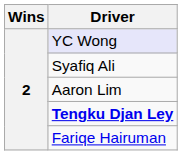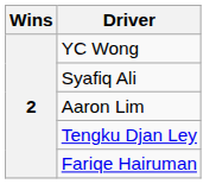 <table class="wikitable" style="font-size: 95%;">
 <tr>
 <th>Wins</th>
 <th>Driver</th>
 </tr>
 <tr>
 <th rowspan="5">2</th>
-<td style="background: lavender;"> YC Wong</td>
+<td> YC Wong</td>
 </tr>
 <tr>
 <td> Syafiq Ali</td>
 </tr>
 <tr>
 <td> Aaron Lim</td>
 </tr>
 <tr>
-<td><strong> <a href='#'>Tengku Djan Ley</a></strong></td>
+<td> <a href='#'>Tengku Djan Ley</a></td>
 </tr>
 <tr>
 <td> <a href='#'>Fariqe Hairuman</a></td>
 </tr>
 </table>
